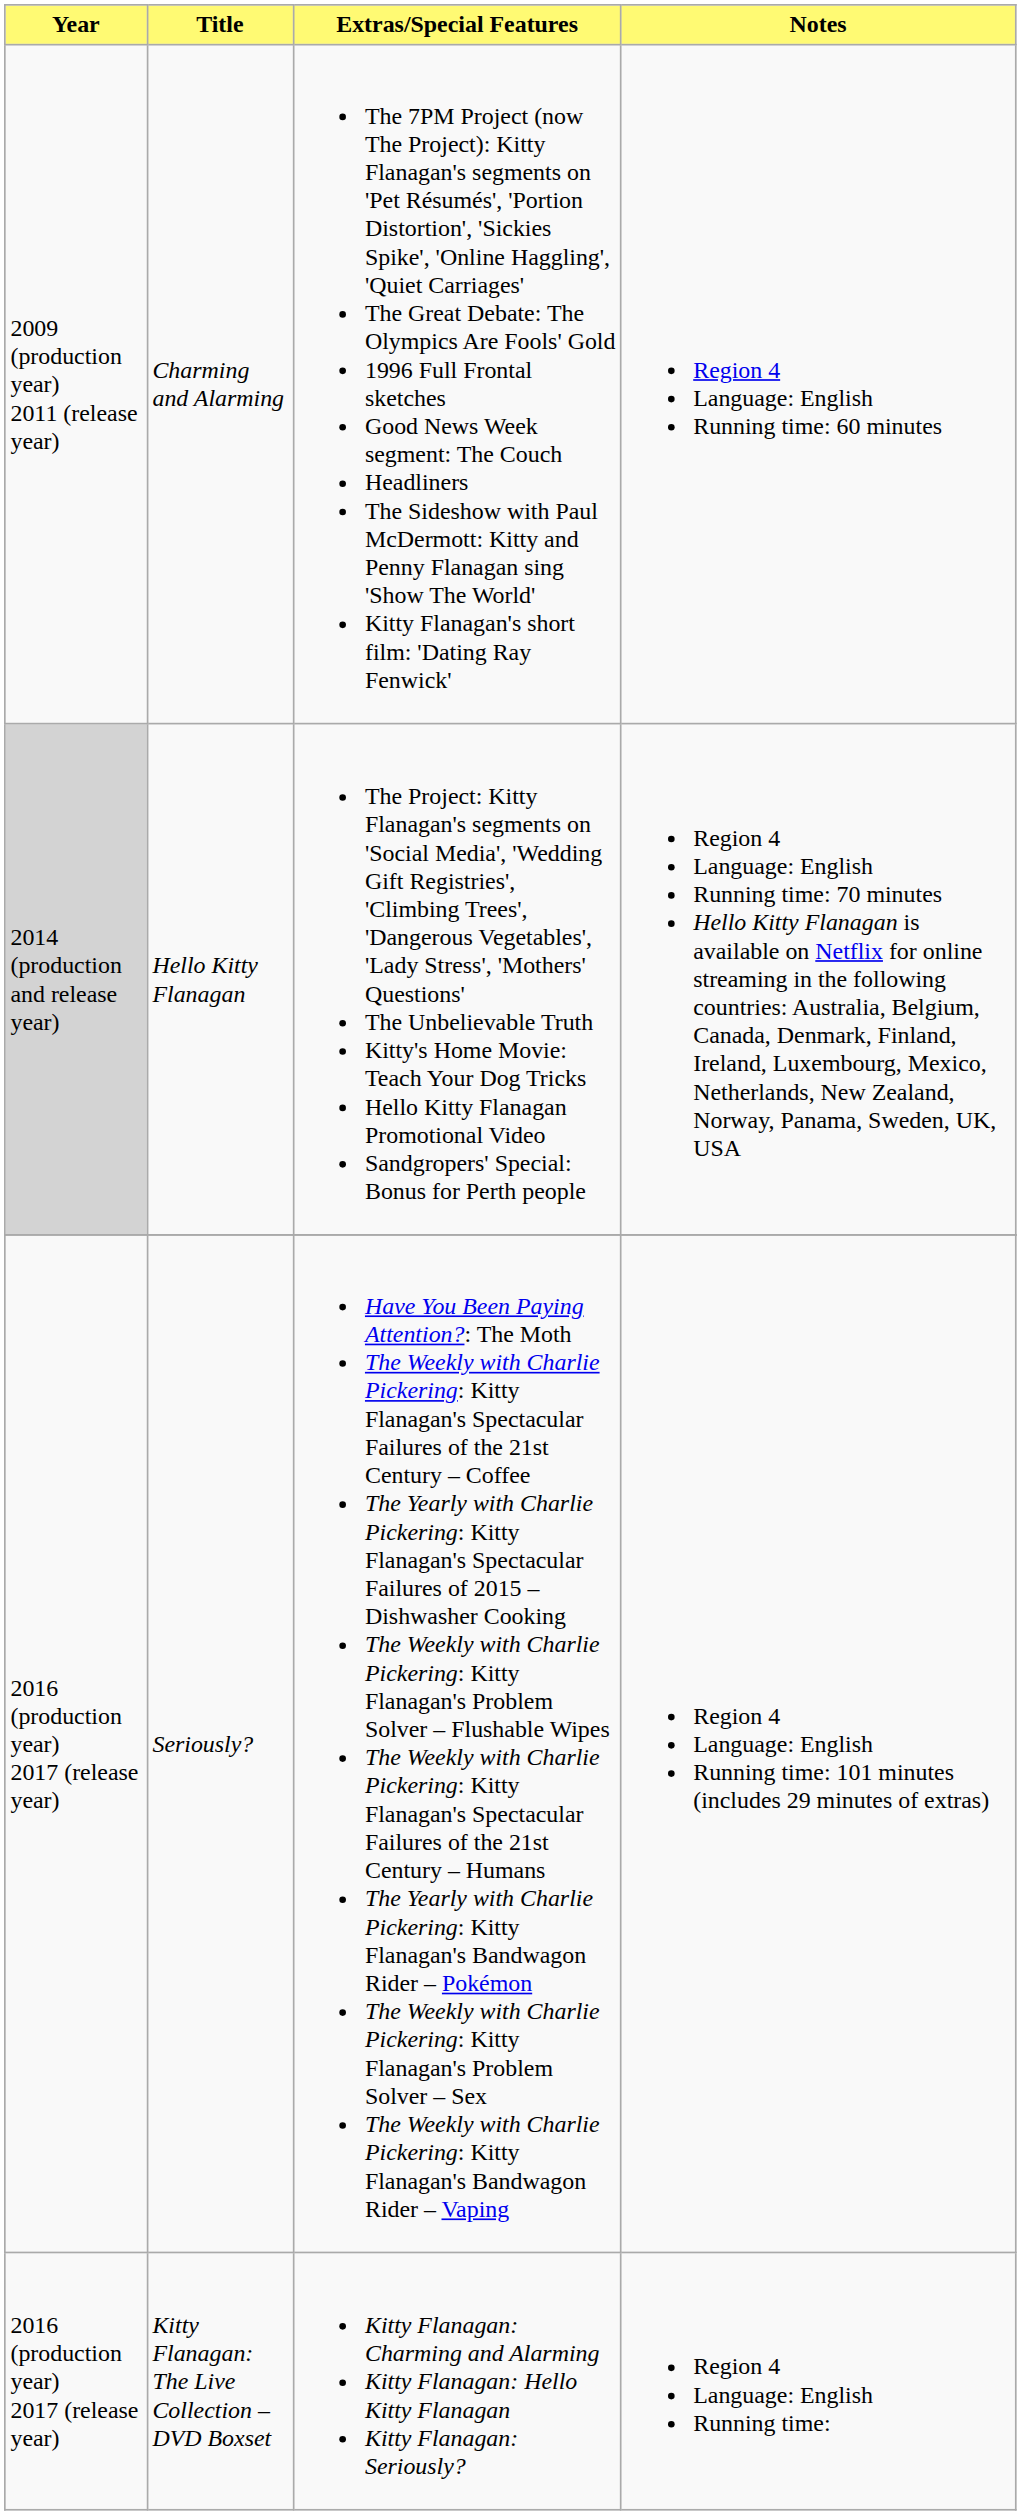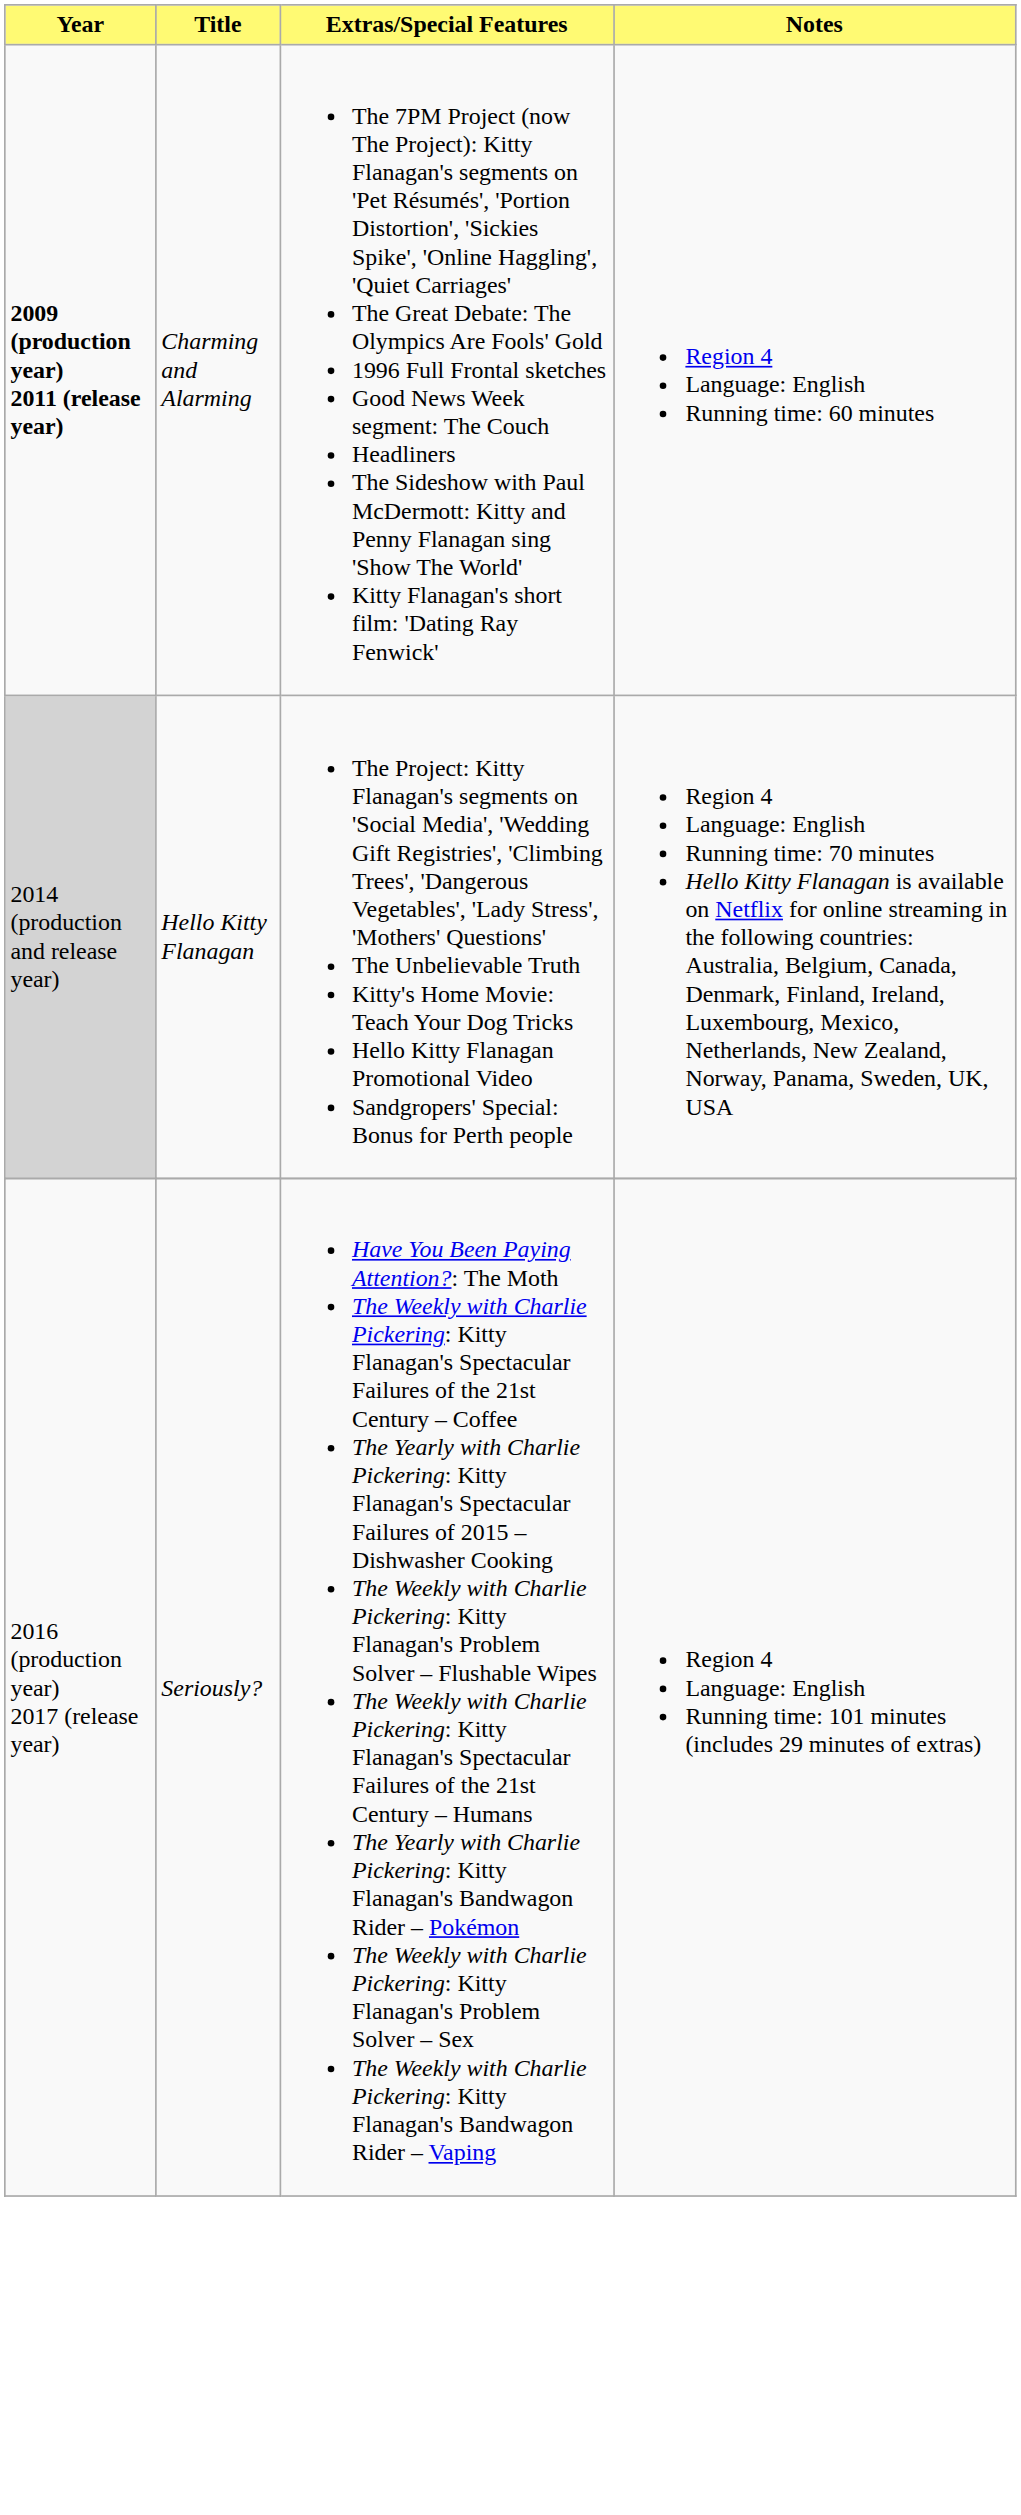 <table class="wikitable" style="font-size:90%;">
 <tr>
 <th style="background: #fffa73;">Year</th>
 <th style="background: #fffa73;">Title</th>
 <th style="background: #fffa73;">Extras/Special Features</th>
 <th style="background: #fffa73;">Notes</th>
 </tr>
 <tr>
-<td>2009 (production year)<br>2011 (release year)</td>
+<td><strong>2009 (production year)<br>2011 (release year)</strong></td>
 <td><em>Charming and Alarming</em></td>
 <td><br><ul><li>The 7PM Project (now The Project): Kitty Flanagan's segments on 'Pet Résumés', 'Portion Distortion', 'Sickies Spike', 'Online Haggling', 'Quiet Carriages'</li><li>The Great Debate: The Olympics Are Fools' Gold</li><li>1996 Full Frontal sketches</li><li>Good News Week segment: The Couch</li><li>Headliners</li><li>The Sideshow with Paul McDermott: Kitty and Penny Flanagan sing 'Show The World'</li><li>Kitty Flanagan's short film: 'Dating Ray Fenwick'</li></ul></td>
 <td><br><ul><li><a href='#'>Region 4</a></li><li>Language: English</li><li>Running time: 60 minutes</li></ul></td>
 </tr>
 <tr>
 <td style="background: lightgrey;">2014 (production and release year)</td>
 <td><em>Hello Kitty Flanagan</em></td>
 <td><br><ul><li>The Project: Kitty Flanagan's segments on 'Social Media', 'Wedding Gift Registries', 'Climbing Trees', 'Dangerous Vegetables', 'Lady Stress', 'Mothers' Questions'</li><li>The Unbelievable Truth</li><li>Kitty's Home Movie: Teach Your Dog Tricks</li><li>Hello Kitty Flanagan Promotional Video</li><li>Sandgropers' Special: Bonus for Perth people</li></ul></td>
 <td><br><ul><li>Region 4</li><li>Language: English</li><li>Running time: 70 minutes</li><li><em>Hello Kitty Flanagan</em> is available on <a href='#'>Netflix</a> for online streaming in the following countries: Australia, Belgium, Canada, Denmark, Finland, Ireland, Luxembourg, Mexico, Netherlands, New Zealand, Norway, Panama, Sweden, UK, USA</li></ul></td>
 </tr>
 <tr>
 </tr>
 <tr>
 <td>2016 (production year)<br>2017 (release year)</td>
 <td><em>Seriously?</em></td>
 <td><br><ul><li><em><a href='#'>Have You Been Paying Attention?</a></em>: The Moth</li><li><em><a href='#'>The Weekly with Charlie Pickering</a></em>: Kitty Flanagan's Spectacular Failures of the 21st Century – Coffee</li><li><em>The Yearly with Charlie Pickering</em>: Kitty Flanagan's Spectacular Failures of 2015 – Dishwasher Cooking</li><li><em>The Weekly with Charlie Pickering</em>: Kitty Flanagan's Problem Solver – Flushable Wipes</li><li><em>The Weekly with Charlie Pickering</em>: Kitty Flanagan's Spectacular Failures of the 21st Century – Humans</li><li><em>The Yearly with Charlie Pickering</em>: Kitty Flanagan's Bandwagon Rider – <a href='#'>Pokémon</a></li><li><em>The Weekly with Charlie Pickering</em>: Kitty Flanagan's Problem Solver – Sex</li><li><em>The Weekly with Charlie Pickering</em>: Kitty Flanagan's Bandwagon Rider – <a href='#'>Vaping</a></li></ul></td>
 <td><br><ul><li>Region 4</li><li>Language: English</li><li>Running time: 101 minutes (includes 29 minutes of extras)</li></ul></td>
 </tr>
-<tr>
-<td>2016 (production year)<br>2017 (release year)</td>
-<td><em>Kitty Flanagan: The Live Collection – DVD Boxset</em></td>
-<td><br><ul><li><em>Kitty Flanagan: Charming and Alarming</em></li><li><em>Kitty Flanagan: Hello Kitty Flanagan</em></li><li><em>Kitty Flanagan: Seriously?</em></li></ul></td>
-<td><br><ul><li>Region 4</li><li>Language: English</li><li>Running time:</li></ul></td>
-</tr>
 </table>
